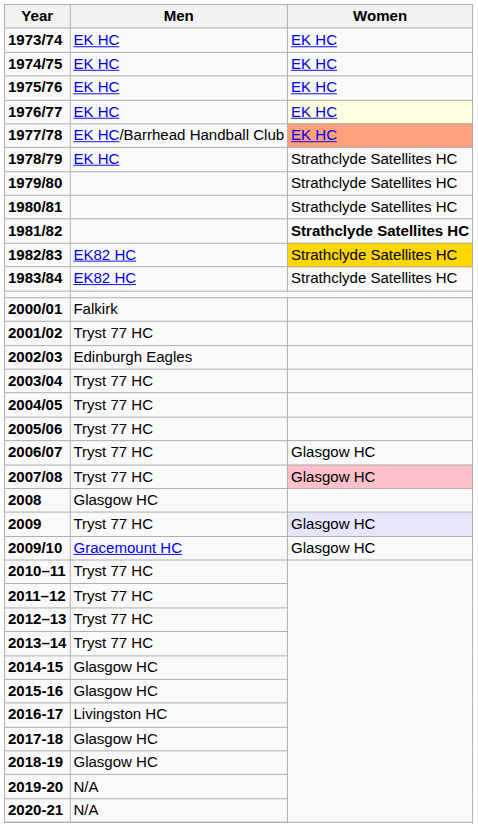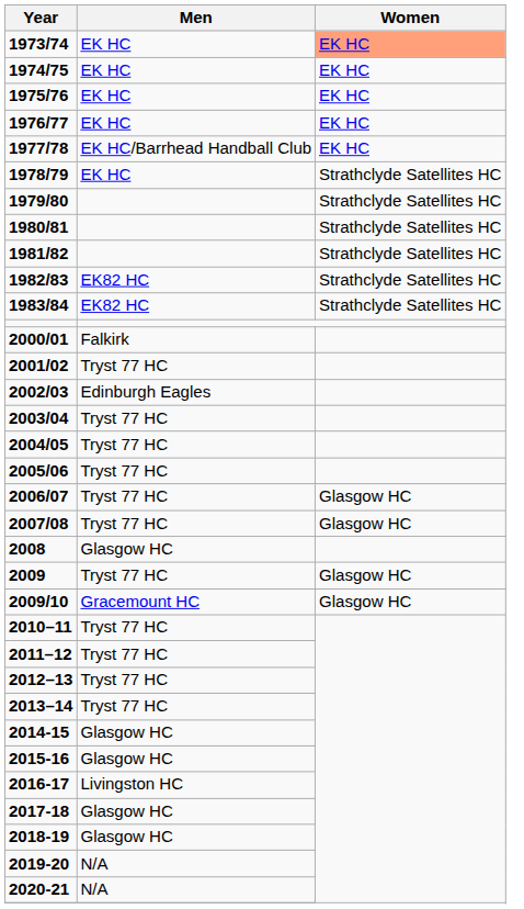 <table class="wikitable">
 <tr>
 <th><strong>Year</strong></th>
 <th><strong>Men</strong></th>
 <th><strong>Women</strong></th>
 </tr>
 <tr>
 <td><strong>1973/74</strong></td>
 <td><a href='#'>EK HC</a></td>
-<td><a href='#'>EK HC</a></td>
+<td style="background: lightsalmon;"><a href='#'>EK HC</a></td>
 </tr>
 <tr>
 <td><strong>1974/75</strong></td>
 <td><a href='#'>EK HC</a></td>
 <td><a href='#'>EK HC</a></td>
 </tr>
 <tr>
 <td><strong>1975/76</strong></td>
 <td><a href='#'>EK HC</a></td>
 <td><a href='#'>EK HC</a></td>
 </tr>
 <tr>
 <td><strong>1976/77</strong></td>
 <td><a href='#'>EK HC</a></td>
-<td style="background: lightyellow;"><a href='#'>EK HC</a></td>
+<td><a href='#'>EK HC</a></td>
 </tr>
 <tr>
 <td><strong>1977/78</strong></td>
 <td><a href='#'>EK HC</a>/Barrhead Handball Club</td>
-<td style="background: lightsalmon;"><a href='#'>EK HC</a></td>
+<td><a href='#'>EK HC</a></td>
 </tr>
 <tr>
 <td><strong>1978/79</strong></td>
 <td><a href='#'>EK HC</a></td>
 <td>Strathclyde Satellites HC</td>
 </tr>
 <tr>
 <td><strong>1979/80</strong></td>
 <td></td>
 <td>Strathclyde Satellites HC</td>
 </tr>
 <tr>
 <td><strong>1980/81</strong></td>
 <td></td>
 <td>Strathclyde Satellites HC</td>
 </tr>
 <tr>
 <td><strong>1981/82</strong></td>
 <td></td>
-<td><strong>Strathclyde Satellites HC</strong></td>
+<td>Strathclyde Satellites HC</td>
 </tr>
 <tr>
 <td><strong>1982/83</strong></td>
 <td><a href='#'>EK82 HC</a></td>
-<td style="background: gold;">Strathclyde Satellites HC</td>
+<td>Strathclyde Satellites HC</td>
 </tr>
 <tr>
 <td><strong>1983/84</strong></td>
 <td><a href='#'>EK82 HC</a></td>
 <td>Strathclyde Satellites HC</td>
 </tr>
 <tr>
 <td></td>
 </tr>
 <tr>
 <td><strong>2000/01</strong></td>
 <td>Falkirk</td>
 <td></td>
 </tr>
 <tr>
 <td><strong>2001/02</strong></td>
 <td>Tryst 77 HC</td>
 <td></td>
 </tr>
 <tr>
 <td><strong>2002/03</strong></td>
 <td>Edinburgh Eagles</td>
 <td></td>
 </tr>
 <tr>
 <td><strong>2003/04</strong></td>
 <td>Tryst 77 HC</td>
 <td></td>
 </tr>
 <tr>
 <td><strong>2004/05</strong></td>
 <td>Tryst 77 HC</td>
 <td></td>
 </tr>
 <tr>
 <td><strong>2005/06</strong></td>
 <td>Tryst 77 HC</td>
 <td></td>
 </tr>
 <tr>
 <td><strong>2006/07</strong></td>
 <td>Tryst 77 HC</td>
 <td>Glasgow HC</td>
 </tr>
 <tr>
 <td><strong>2007/08</strong></td>
 <td>Tryst 77 HC</td>
-<td style="background: pink;">Glasgow HC</td>
+<td>Glasgow HC</td>
 </tr>
 <tr>
 <td><strong>2008</strong></td>
 <td>Glasgow HC</td>
 <td></td>
 </tr>
 <tr>
 <td><strong>2009</strong></td>
 <td>Tryst 77 HC</td>
-<td style="background: lavender;">Glasgow HC</td>
+<td>Glasgow HC</td>
 </tr>
 <tr>
 <td><strong>2009/10</strong></td>
 <td><a href='#'>Gracemount HC</a></td>
 <td>Glasgow HC</td>
 </tr>
 <tr>
 <td><strong>2010–11</strong></td>
 <td>Tryst 77 HC</td>
 </tr>
 <tr>
 <td><strong>2011–12</strong></td>
 <td>Tryst 77 HC</td>
 </tr>
 <tr>
 <td><strong>2012–13</strong></td>
 <td>Tryst 77 HC</td>
 </tr>
 <tr>
 <td><strong>2013–14</strong></td>
 <td>Tryst 77 HC</td>
 </tr>
 <tr>
 <td><strong>2014-15</strong></td>
 <td>Glasgow HC</td>
 </tr>
 <tr>
 <td><strong>2015-16</strong></td>
 <td>Glasgow HC</td>
 </tr>
 <tr>
 <td><strong>2016-17</strong></td>
 <td>Livingston HC</td>
 </tr>
 <tr>
 <td><strong>2017-18</strong></td>
 <td>Glasgow HC</td>
 </tr>
 <tr>
 <td><strong>2018-19</strong></td>
 <td>Glasgow HC</td>
 </tr>
 <tr>
 <td><strong>2019-20</strong></td>
 <td>N/A</td>
 </tr>
 <tr>
 <td><strong>2020-21</strong></td>
 <td>N/A</td>
 </tr>
 <tr>
 </tr>
 </table>
